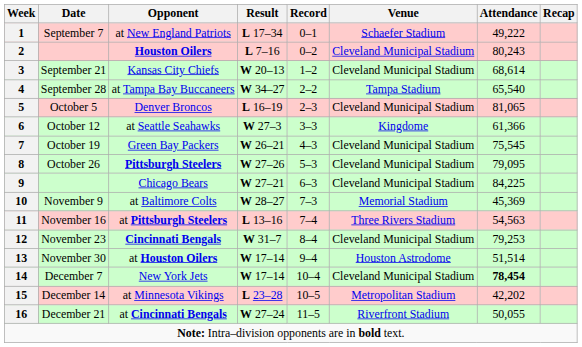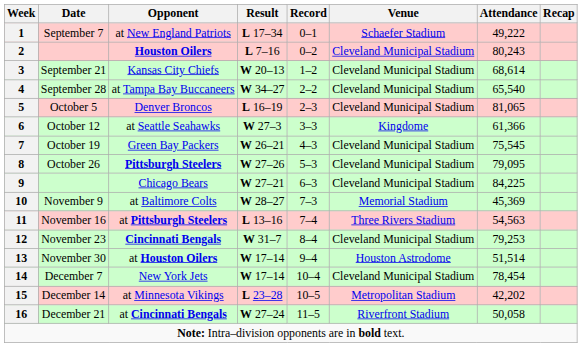 <table class="wikitable" style="text-align:center">
 <tr>
 <th>Week</th>
 <th>Date</th>
 <th>Opponent</th>
 <th>Result</th>
 <th>Record</th>
 <th>Venue</th>
 <th>Attendance</th>
 <th>Recap</th>
 </tr>
 <tr style="background:#fcc">
 <th>1</th>
 <td>September 7</td>
 <td>at <a href='#'>New England Patriots</a></td>
 <td><strong>L</strong> 17–34</td>
 <td>0–1</td>
 <td><a href='#'>Schaefer Stadium</a></td>
 <td>49,222</td>
 <td></td>
 </tr>
 <tr style="background:#fcc">
 <th>2</th>
 <td></td>
 <td><strong><a href='#'>Houston Oilers</a></strong></td>
 <td><strong>L</strong> 7–16</td>
 <td>0–2</td>
 <td><a href='#'>Cleveland Municipal Stadium</a></td>
 <td>80,243</td>
 <td></td>
 </tr>
 <tr style="background:#cfc">
 <th>3</th>
 <td>September 21</td>
 <td><a href='#'>Kansas City Chiefs</a></td>
 <td><strong>W</strong> 20–13</td>
 <td>1–2</td>
 <td>Cleveland Municipal Stadium</td>
 <td>68,614</td>
 <td></td>
 </tr>
 <tr style="background:#cfc">
 <th>4</th>
 <td>September 28</td>
 <td>at <a href='#'>Tampa Bay Buccaneers</a></td>
 <td><strong>W</strong> 34–27</td>
 <td>2–2</td>
-<td><a href='#'>Tampa Stadium</a></td>
+<td>Cleveland Municipal Stadium</td>
 <td>65,540</td>
 <td></td>
 </tr>
 <tr style="background:#fcc">
 <th>5</th>
 <td>October 5</td>
 <td><a href='#'>Denver Broncos</a></td>
 <td><strong>L</strong> 16–19</td>
 <td>2–3</td>
 <td>Cleveland Municipal Stadium</td>
 <td>81,065</td>
 <td></td>
 </tr>
 <tr style="background:#cfc">
 <th>6</th>
 <td>October 12</td>
 <td>at <a href='#'>Seattle Seahawks</a></td>
 <td><strong>W</strong> 27–3</td>
 <td>3–3</td>
 <td><a href='#'>Kingdome</a></td>
 <td>61,366</td>
 <td></td>
 </tr>
 <tr style="background:#cfc">
 <th>7</th>
 <td>October 19</td>
 <td><a href='#'>Green Bay Packers</a></td>
 <td><strong>W</strong> 26–21</td>
 <td>4–3</td>
 <td>Cleveland Municipal Stadium</td>
 <td>75,545</td>
 <td></td>
 </tr>
 <tr style="background:#cfc">
 <th>8</th>
 <td>October 26</td>
 <td><strong><a href='#'>Pittsburgh Steelers</a></strong></td>
 <td><strong>W</strong> 27–26</td>
 <td>5–3</td>
 <td>Cleveland Municipal Stadium</td>
 <td>79,095</td>
 <td></td>
 </tr>
 <tr style="background:#cfc">
 <th>9</th>
 <td></td>
 <td><a href='#'>Chicago Bears</a></td>
 <td><strong>W</strong> 27–21</td>
 <td>6–3</td>
 <td>Cleveland Municipal Stadium</td>
 <td>84,225</td>
 <td></td>
 </tr>
 <tr style="background:#cfc">
 <th>10</th>
 <td>November 9</td>
 <td>at <a href='#'>Baltimore Colts</a></td>
 <td><strong>W</strong> 28–27</td>
 <td>7–3</td>
 <td><a href='#'>Memorial Stadium</a></td>
 <td>45,369</td>
 <td></td>
 </tr>
 <tr style="background:#fcc">
 <th>11</th>
 <td>November 16</td>
 <td>at <strong><a href='#'>Pittsburgh Steelers</a></strong></td>
 <td><strong>L</strong> 13–16</td>
 <td>7–4</td>
 <td><a href='#'>Three Rivers Stadium</a></td>
 <td>54,563</td>
 <td></td>
 </tr>
 <tr style="background:#cfc">
 <th>12</th>
 <td>November 23</td>
 <td><strong><a href='#'>Cincinnati Bengals</a></strong></td>
 <td><strong>W</strong> 31–7</td>
 <td>8–4</td>
 <td>Cleveland Municipal Stadium</td>
 <td>79,253</td>
 <td></td>
 </tr>
 <tr style="background:#cfc">
 <th>13</th>
 <td>November 30</td>
 <td>at <strong><a href='#'>Houston Oilers</a></strong></td>
 <td><strong>W</strong> 17–14</td>
 <td>9–4</td>
 <td><a href='#'>Houston Astrodome</a></td>
 <td>51,514</td>
 <td></td>
 </tr>
 <tr style="background:#cfc">
 <th>14</th>
 <td>December 7</td>
 <td><a href='#'>New York Jets</a></td>
 <td><strong>W</strong> 17–14</td>
 <td>10–4</td>
 <td>Cleveland Municipal Stadium</td>
-<td><strong>78,454</strong></td>
+<td>78,454</td>
 <td></td>
 </tr>
 <tr style="background:#fcc">
 <th>15</th>
 <td>December 14</td>
 <td>at <a href='#'>Minnesota Vikings</a></td>
 <td><strong>L</strong> <a href='#'>23–28</a></td>
 <td>10–5</td>
 <td><a href='#'>Metropolitan Stadium</a></td>
 <td>42,202</td>
 <td></td>
 </tr>
 <tr style="background:#cfc">
 <th>16</th>
 <td>December 21</td>
 <td>at <strong><a href='#'>Cincinnati Bengals</a></strong></td>
 <td><strong>W</strong> 27–24</td>
 <td>11–5</td>
 <td><a href='#'>Riverfront Stadium</a></td>
-<td>50,055</td>
+<td>50,058</td>
 <td></td>
 </tr>
 <tr>
 <td colspan="8"><strong>Note:</strong> Intra–division opponents are in <strong>bold</strong> text.</td>
 </tr>
 </table>
